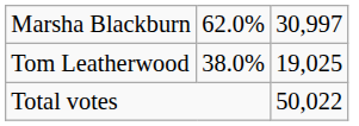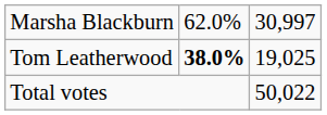 <table class="wikitable">
 <tr>
 <td>Marsha Blackburn</td>
 <td>62.0%</td>
 <td>30,997</td>
 </tr>
 <tr>
 <td>Tom Leatherwood</td>
-<td>38.0%</td>
+<td><strong>38.0%</strong></td>
 <td>19,025</td>
 </tr>
 <tr>
 <td colspan="2">Total votes</td>
 <td>50,022</td>
 </tr>
 </table>
